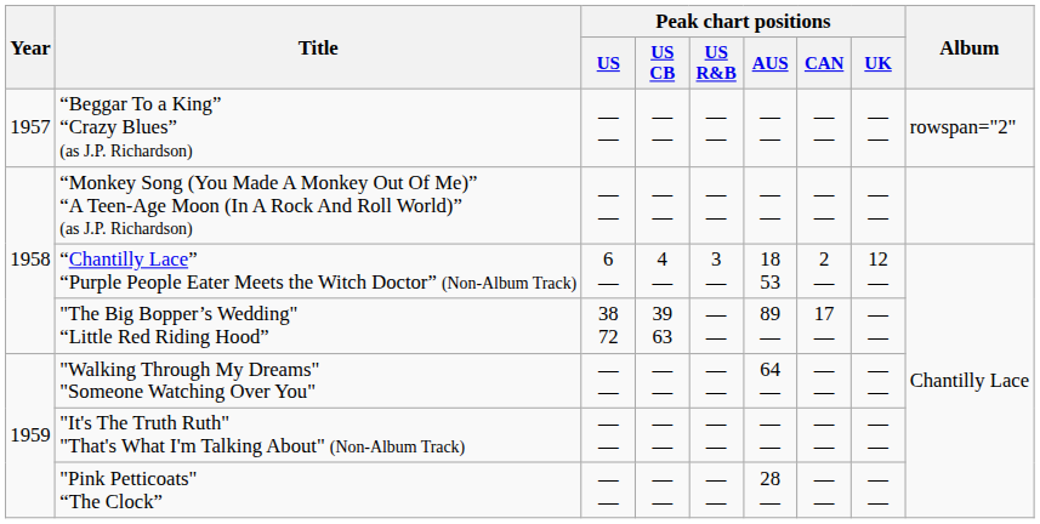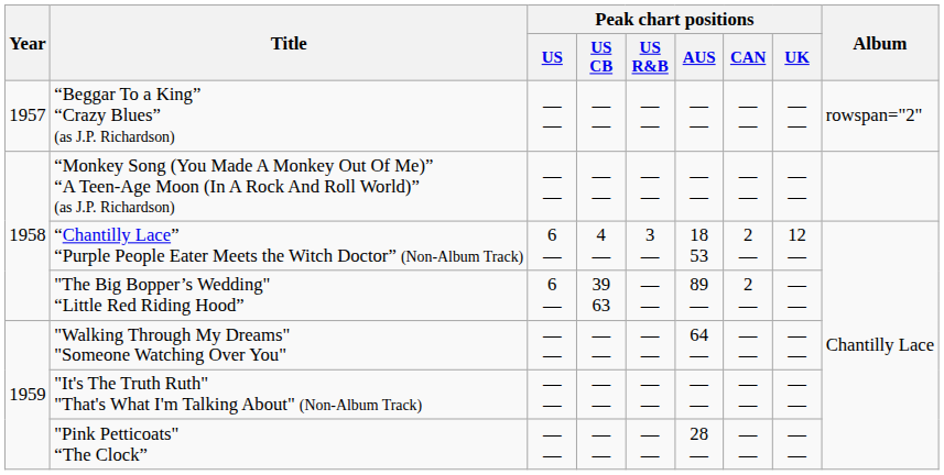 <table class="wikitable">
 <tr>
 <th rowspan="2">Year</th>
 <th rowspan="2">Title</th>
 <th colspan="6">Peak chart positions</th>
 <th rowspan="2">Album</th>
 </tr>
 <tr>
 <th scope="col" style="width:2.5em;font-size:90%"><a href='#'>US</a><br></th>
 <th scope="col" style="width:2.5em;font-size:90%"><a href='#'>US CB</a><br></th>
 <th scope="col" style="width:2.5em;font-size:90%"><a href='#'><strong>US</strong> <strong>R&B</strong></a><br></th>
 <th scope="col" style="width:2.5em;font-size:90%"><a href='#'>AUS</a><br></th>
 <th scope="col" style="width:2.5em;font-size:90%"><a href='#'>CAN</a><br></th>
 <th scope="col" style="width:2.5em;font-size:90%"><a href='#'>UK</a><br></th>
 </tr>
 <tr>
 <td>1957</td>
 <td>“Beggar To a King”<br>“Crazy Blues”<br><small>(as J.P. Richardson)</small></td>
 <td align="center">—<br>—</td>
 <td align="center">—<br>—</td>
 <td align="center">—<br>—</td>
 <td align="center">—<br>—</td>
 <td align="center">—<br>—</td>
 <td align="center">—<br>—</td>
 <td>rowspan="2" </td>
 </tr>
 <tr>
 <td rowspan="3">1958</td>
 <td>“Monkey Song (You Made A Monkey Out Of Me)”<br>“A Teen-Age Moon (In A Rock And Roll World)”<br><small>(as J.P. Richardson)</small></td>
 <td align="center">—<br>—</td>
 <td align="center">—<br>—</td>
 <td align="center">—<br>—</td>
 <td align="center">—<br>—</td>
 <td align="center">—<br>—</td>
 <td align="center">—<br>—</td>
 </tr>
 <tr>
 <td>“<a href='#'>Chantilly Lace</a>”<br>“Purple People Eater Meets the Witch Doctor” <small>(Non-Album Track)</small></td>
 <td align="center">6<br>—</td>
 <td align="center">4<br>—</td>
 <td align="center">3<br>—</td>
 <td align="center">18<br>53</td>
 <td align="center">2<br>—</td>
 <td align="center">12<br>—</td>
 <td rowspan="5" align="center">Chantilly Lace</td>
 </tr>
 <tr>
 <td>"The Big Bopper’s Wedding"<br>“Little Red Riding Hood”</td>
-<td align="center">38<br>72</td>
+<td align="center">6<br>—</td>
 <td align="center">39<br>63</td>
 <td align="center">—<br>—</td>
 <td align="center">89<br>—</td>
-<td align="center">17<br>—</td>
+<td align="center">2<br>—</td>
 <td align="center">—<br>—</td>
 </tr>
 <tr>
 <td rowspan="3">1959</td>
 <td>"Walking Through My Dreams"<br>"Someone Watching Over You"</td>
 <td align="center">—<br>—</td>
 <td align="center">—<br>—</td>
 <td align="center">—<br>—</td>
 <td align="center">64<br>—</td>
 <td align="center">—<br>—</td>
 <td align="center">—<br>—</td>
 </tr>
 <tr>
 <td>"It's The Truth Ruth"<br>"That's What I'm Talking About" <small>(Non-Album Track)</small></td>
 <td align="center">—<br>—</td>
 <td align="center">—<br>—</td>
 <td align="center">—<br>—</td>
 <td align="center">—<br>—</td>
 <td align="center">—<br>—</td>
 <td align="center">—<br>—</td>
 </tr>
 <tr>
 <td>"Pink Petticoats"<br>“The Clock”</td>
 <td align="center">—<br>—</td>
 <td align="center">—<br>—</td>
 <td align="center">—<br>—</td>
 <td align="center">28<br>—</td>
 <td align="center">—<br>—</td>
 <td align="center">—<br>—</td>
 </tr>
 </table>
